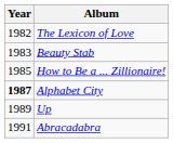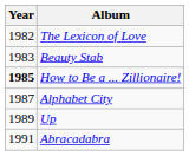 <table class="wikitable">
 <tr>
 <th>Year</th>
 <th>Album</th>
 </tr>
 <tr>
 <td>1982</td>
 <td><em><a href='#'>The Lexicon of Love</a></em></td>
 </tr>
 <tr>
 <td>1983</td>
 <td><em><a href='#'>Beauty Stab</a></em></td>
 </tr>
 <tr>
-<td>1985</td>
+<td><strong>1985</strong></td>
 <td><em><a href='#'>How to Be a ... Zillionaire!</a></em></td>
 </tr>
 <tr>
-<td><strong>1987</strong></td>
+<td>1987</td>
 <td><em><a href='#'>Alphabet City</a></em></td>
 </tr>
 <tr>
 <td>1989</td>
 <td><em><a href='#'>Up</a></em></td>
 </tr>
 <tr>
 <td>1991</td>
 <td><em><a href='#'>Abracadabra</a></em></td>
 </tr>
 </table>
